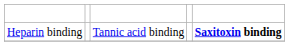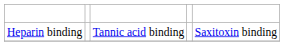 <table align="center"  class="wikitable" style="background-color:white;">
 <tr>
 <td></td>
 <td></td>
 <td valign="top"></td>
 <td></td>
 <td valign="top"><br></td>
 </tr>
 <tr>
 <td><a href='#'>Heparin</a> binding</td>
 <td></td>
 <td><a href='#'>Tannic acid</a> binding</td>
 <td></td>
-<td><strong><a href='#'>Saxitoxin</a> binding</strong></td>
+<td><a href='#'>Saxitoxin</a> binding</td>
 </tr>
 <tr>
 </tr>
 </table>
